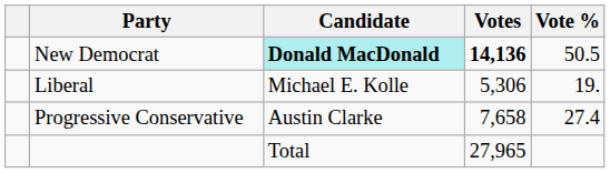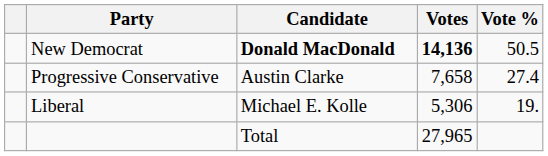 <table class="wikitable">
 <tr>
 <th></th>
 <th scope="col" style="width:175px;">Party</th>
 <th scope="col" style="width:150px;">Candidate</th>
 <th>Votes</th>
 <th>Vote %</th>
 </tr>
 <tr>
 <td>   </td>
 <td>New Democrat</td>
-<td style="background: paleturquoise;"><strong>Donald MacDonald</strong></td>
+<td><strong>Donald MacDonald</strong></td>
 <td align=right><strong>14,136</strong></td>
 <td align=right>50.5</td>
+</tr>
+<tr |>
+<td>   </td>
+<td>Progressive Conservative</td>
+<td>Austin Clarke</td>
+<td align=right>7,658</td>
+<td align=right>27.4</td>
 </tr>
 <tr |>
 <td>   </td>
 <td>Liberal</td>
 <td>Michael E. Kolle</td>
 <td align=right>5,306</td>
 <td align=right>19.<br> </td>
 </tr>
 <tr |>
-<td>   </td>
-<td>Progressive Conservative</td>
-<td>Austin Clarke</td>
-<td align=right>7,658</td>
-<td align=right>27.4</td>
-</tr>
-<tr |>
 <td></td>
 <td></td>
 <td>Total</td>
 <td align=right>27,965</td>
 <td></td>
 </tr>
 </table>
